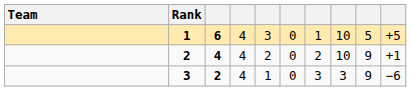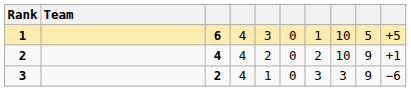 <table class="wikitable" style="text-align:center">
 <tr>
+<th width=30>Rank</th>
 <th width=165 style="text-align:left">Team</th>
-<th width=30>Rank</th>
 <th width=20></th>
 <th width=20></th>
 <th width=20></th>
 <th width=20></th>
 <th width=20></th>
 <th width=20></th>
 <th width=20></th>
 <th width=20></th>
 </tr>
 <tr bgcolor="#ffebad">
+<td><strong>1</strong></td>
 <td align="left"></td>
-<td><strong>1</strong></td>
 <td><strong>6</strong></td>
 <td>4</td>
 <td>3</td>
 <td>0</td>
 <td>1</td>
 <td>10</td>
 <td>5</td>
 <td>+5</td>
 </tr>
 <tr>
+<td><strong>2</strong></td>
 <td align="left"></td>
-<td><strong>2</strong></td>
 <td><strong>4</strong></td>
 <td>4</td>
 <td>2</td>
 <td>0</td>
 <td>2</td>
 <td>10</td>
 <td>9</td>
 <td>+1</td>
 </tr>
 <tr>
+<td><strong>3</strong></td>
 <td align="left"></td>
-<td><strong>3</strong></td>
 <td><strong>2</strong></td>
 <td>4</td>
 <td>1</td>
 <td>0</td>
 <td>3</td>
 <td>3</td>
 <td>9</td>
 <td>−6</td>
 </tr>
 </table>
